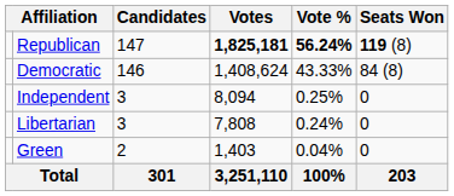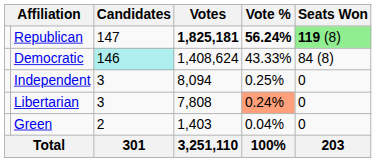 <table class="wikitable">
 <tr>
 <th colspan="2">Affiliation</th>
 <th>Candidates</th>
 <th>Votes</th>
 <th>Vote %</th>
 <th>Seats Won</th>
 </tr>
 <tr>
 <td style="background-color:"></td>
 <td><a href='#'>Republican</a></td>
 <td>147</td>
 <td><strong>1,825,181</strong></td>
 <td><strong>56.24%</strong></td>
-<td><strong>119</strong> (8)</td>
+<td style="background: lightgreen;"><strong>119</strong> (8)</td>
 </tr>
 <tr>
 <td style="background-color:"></td>
 <td><a href='#'>Democratic</a></td>
-<td>146</td>
+<td style="background: paleturquoise;">146</td>
 <td>1,408,624</td>
 <td>43.33%</td>
 <td>84 (8)</td>
 </tr>
 <tr>
 <td style="background-color:"></td>
 <td><a href='#'>Independent</a></td>
 <td>3</td>
 <td>8,094</td>
 <td>0.25%</td>
 <td>0</td>
 </tr>
 <tr>
 <td style="background-color:"></td>
 <td><a href='#'>Libertarian</a></td>
 <td>3</td>
 <td>7,808</td>
-<td>0.24%</td>
+<td style="background: lightsalmon;">0.24%</td>
 <td>0</td>
 </tr>
 <tr>
 <td style="background-color:"></td>
 <td><a href='#'>Green</a></td>
 <td>2</td>
 <td>1,403</td>
 <td>0.04%</td>
 <td>0</td>
 </tr>
 <tr>
 <th colspan="2">Total</th>
 <th>301</th>
 <th>3,251,110</th>
 <th>100%</th>
 <th>203</th>
 </tr>
 </table>
